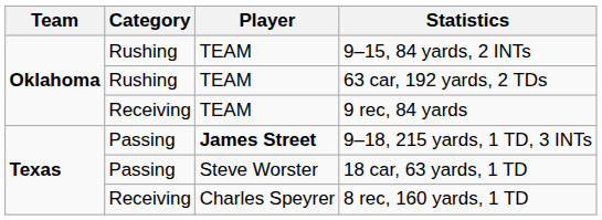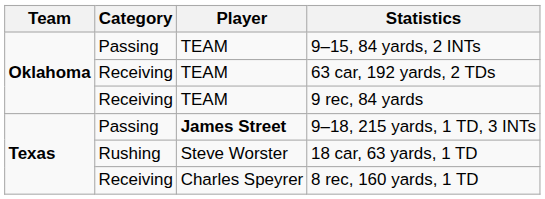 <table class="wikitable" style="float: right;">
 <tr>
 <th>Team</th>
 <th>Category</th>
 <th>Player</th>
 <th>Statistics</th>
 </tr>
 <tr>
 <td rowspan=3><strong>Oklahoma</strong></td>
-<td>Rushing</td>
+<td>Passing</td>
 <td>TEAM</td>
 <td>9–15, 84 yards, 2 INTs</td>
 </tr>
 <tr>
-<td>Rushing</td>
+<td>Receiving</td>
 <td>TEAM</td>
 <td>63 car, 192 yards, 2 TDs</td>
 </tr>
 <tr>
 <td>Receiving</td>
 <td>TEAM</td>
 <td>9 rec, 84 yards</td>
 </tr>
 <tr>
 <td rowspan=3><strong>Texas</strong></td>
 <td>Passing</td>
 <td><strong>James Street</strong></td>
 <td>9–18, 215 yards, 1 TD, 3 INTs</td>
 </tr>
 <tr>
-<td>Passing</td>
+<td>Rushing</td>
 <td>Steve Worster</td>
 <td>18 car, 63 yards, 1 TD</td>
 </tr>
 <tr>
 <td>Receiving</td>
 <td>Charles Speyrer</td>
 <td>8 rec, 160 yards, 1 TD</td>
 </tr>
 </table>
